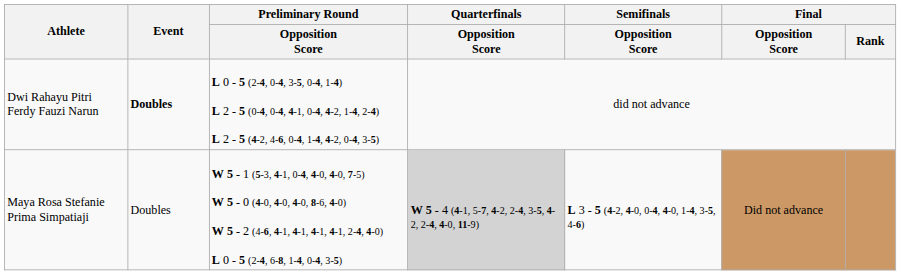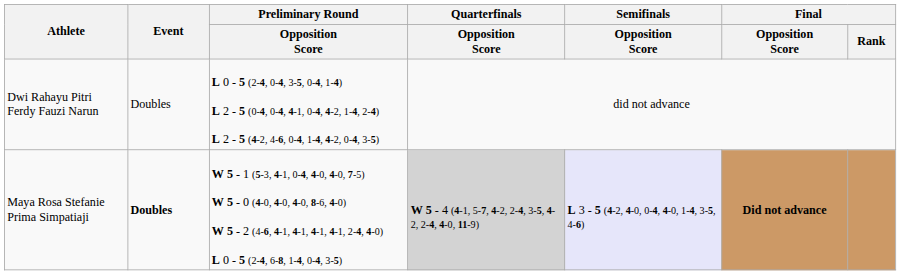 <table class="wikitable" border="1" style="font-size:90%">
 <tr>
 <th width=140 rowspan=2>Athlete</th>
 <th width=90 rowspan=2>Event</th>
 <th width=230>Preliminary Round</th>
 <th width=180>Quarterfinals</th>
 <th width=180>Semifinals</th>
 <th width="200" colspan="2">Final</th>
 </tr>
 <tr>
 <th>Opposition<br>Score</th>
 <th>Opposition<br>Score</th>
 <th>Opposition<br>Score</th>
 <th>Opposition<br>Score</th>
 <th>Rank</th>
 </tr>
 <tr>
 <td>Dwi Rahayu Pitri <br> Ferdy Fauzi Narun</td>
-<td><strong>Doubles</strong></td>
+<td>Doubles</td>
 <td> <br> <strong>L</strong> 0 - <strong>5</strong> <small>(2-<strong>4</strong>, 0-<strong>4</strong>, 3-<strong>5</strong>, 0-<strong>4</strong>, 1-<strong>4</strong>)</small> <br>  <br> <strong>L</strong> 2 - <strong>5</strong> <small>(0-<strong>4</strong>, 0-<strong>4</strong>, <strong>4</strong>-1, 0-<strong>4</strong>, <strong>4</strong>-2, 1-<strong>4</strong>, 2-<strong>4</strong>)</small> <br>  <br> <strong>L</strong> 2 - <strong>5</strong> <small>(<strong>4</strong>-2, 4-<strong>6</strong>, 0-<strong>4</strong>, 1-<strong>4</strong>, <strong>4</strong>-2, 0-<strong>4</strong>, 3-<strong>5</strong>)</small></td>
 <td align="center" colspan=4>did not advance</td>
 </tr>
 <tr>
 <td>Maya Rosa Stefanie <br> Prima Simpatiaji</td>
-<td>Doubles</td>
+<td><strong>Doubles</strong></td>
 <td> <br> <strong>W</strong> <strong>5</strong> - 1 <small>(<strong>5</strong>-3, <strong>4</strong>-1, 0-<strong>4</strong>, <strong>4</strong>-0, <strong>4</strong>-0, <strong>7</strong>-5)</small> <br>  <br> <strong>W</strong> <strong>5</strong> - 0 <small>(<strong>4</strong>-0, <strong>4</strong>-0, <strong>4</strong>-0, <strong>8</strong>-6, <strong>4</strong>-0)</small> <br>  <br> <strong>W</strong> <strong>5</strong> - 2 <small>(4-<strong>6</strong>, <strong>4</strong>-1, <strong>4</strong>-1, <strong>4</strong>-1, <strong>4</strong>-1, 2-<strong>4</strong>, <strong>4</strong>-0)</small> <br>  <br> <strong>L</strong> 0 - <strong>5</strong> <small>(2-<strong>4</strong>, 6-<strong>8</strong>, 1-<strong>4</strong>, 0-<strong>4</strong>, 3-<strong>5</strong>)</small></td>
 <td style="background: lightgrey;"> <br> <strong>W</strong> <strong>5</strong> - 4 <small>(<strong>4</strong>-1, 5-<strong>7</strong>, <strong>4</strong>-2, 2-<strong>4</strong>, 3-<strong>5</strong>, <strong>4</strong>-2, 2-<strong>4</strong>, <strong>4</strong>-0, <strong>11</strong>-9)</small></td>
-<td> <br> <strong>L</strong> 3 - <strong>5</strong> <small>(<strong>4</strong>-2, <strong>4</strong>-0, 0-<strong>4</strong>, <strong>4</strong>-0, 1-<strong>4</strong>, 3-<strong>5</strong>, 4-<strong>6</strong>)</small></td>
-<td align="center" bgcolor=cc9966>Did not advance</td>
+<td style="background: lavender;"> <br> <strong>L</strong> 3 - <strong>5</strong> <small>(<strong>4</strong>-2, <strong>4</strong>-0, 0-<strong>4</strong>, <strong>4</strong>-0, 1-<strong>4</strong>, 3-<strong>5</strong>, 4-<strong>6</strong>)</small></td>
+<td align="center" bgcolor=cc9966><strong>Did not advance</strong></td>
 <td align="center" bgcolor=cc9966></td>
 </tr>
 </table>
